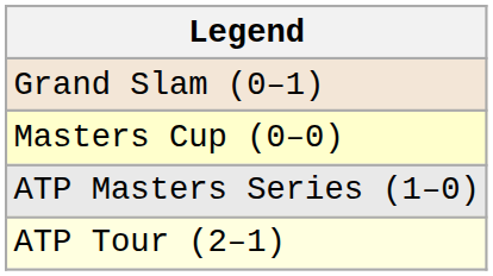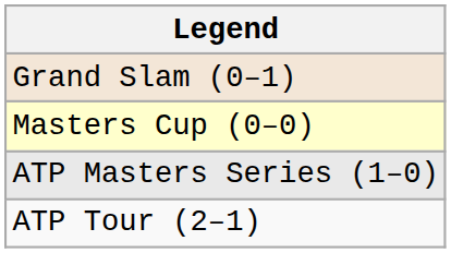 <table class="wikitable sortable mw-collapsible mw-collapsed">
 <tr>
 <th>Legend</th>
 </tr>
 <tr style="background:#f3e6d7;">
 <td>Grand Slam (0–1)</td>
 </tr>
 <tr style="background:#ffc;">
 <td>Masters Cup (0–0)</td>
 </tr>
 <tr style="background:#e9e9e9;">
 <td>ATP Masters Series (1–0)</td>
 </tr>
 <tr>
-<td style="background: lightyellow;">ATP Tour (2–1)</td>
+<td>ATP Tour (2–1)</td>
 </tr>
 </table>
